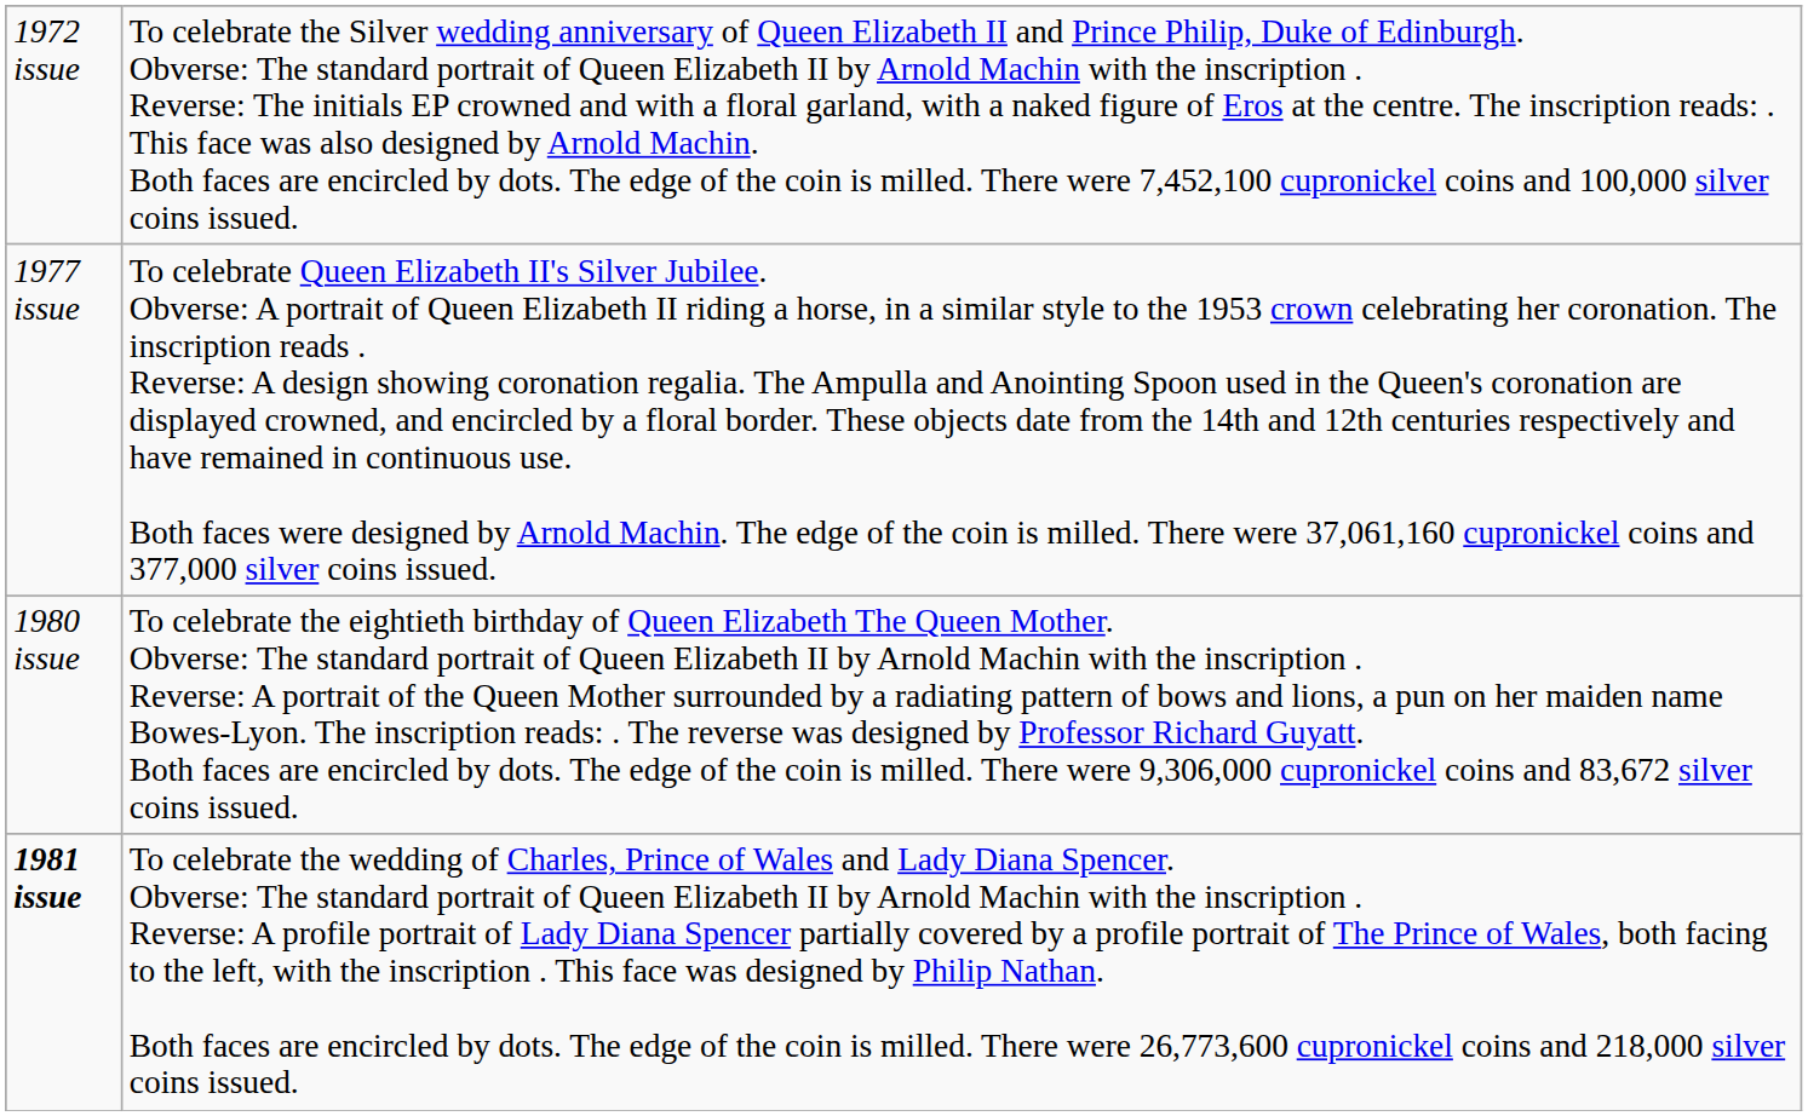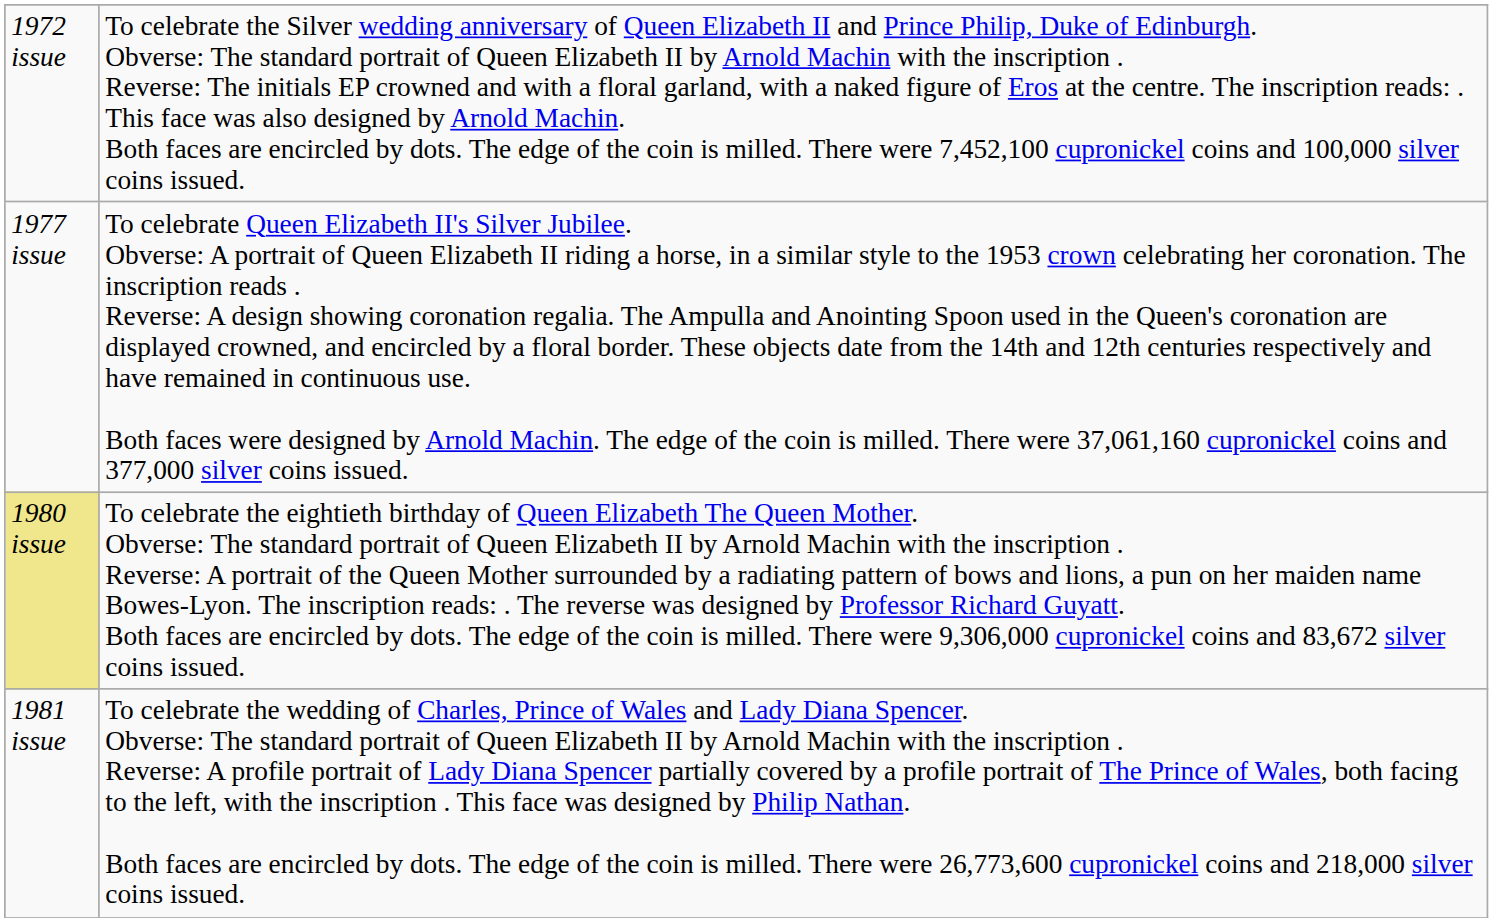 <table class="wikitable">
 <tr valign="top">
 <td><em>1972 issue</em></td>
 <td>To celebrate the Silver <a href='#'>wedding anniversary</a> of <a href='#'>Queen Elizabeth II</a> and <a href='#'>Prince Philip, Duke of Edinburgh</a>.<br>Obverse: The standard portrait of Queen Elizabeth II by <a href='#'>Arnold Machin</a> with the inscription .<br>Reverse: The initials EP crowned and with a floral garland, with a naked figure of <a href='#'>Eros</a> at the centre. The inscription reads:  . This face was also designed by <a href='#'>Arnold Machin</a>.<br>Both faces are encircled by dots. The edge of the coin is milled. There were 7,452,100 <a href='#'>cupronickel</a> coins and 100,000 <a href='#'>silver</a> coins issued.</td>
 </tr>
 <tr valign="top">
 <td><em>1977 issue</em></td>
 <td>To celebrate <a href='#'>Queen Elizabeth II's Silver Jubilee</a>.<br>Obverse: A portrait of Queen Elizabeth II riding a horse, in a similar style to the 1953 <a href='#'>crown</a> celebrating her coronation. The inscription reads .<br>Reverse: A design showing coronation regalia. The Ampulla and Anointing Spoon used in the Queen's coronation are displayed crowned, and encircled by a floral border. These objects date from the 14th and 12th centuries respectively and have remained in continuous use.<br><br>Both faces were designed by <a href='#'>Arnold Machin</a>. The edge of the coin is milled. There were 37,061,160 <a href='#'>cupronickel</a> coins  and 377,000 <a href='#'>silver</a> coins issued.</td>
 </tr>
 <tr valign="top">
-<td><em>1980 issue</em></td>
+<td style="background: khaki;"><em>1980 issue</em></td>
 <td>To celebrate the eightieth birthday of <a href='#'>Queen Elizabeth The Queen Mother</a>.<br>Obverse: The standard portrait of Queen Elizabeth II by Arnold Machin with the inscription .<br>Reverse: A portrait of the Queen Mother surrounded by a radiating pattern of bows and lions, a pun on her maiden name Bowes-Lyon. The inscription reads:  . The reverse was designed by <a href='#'>Professor Richard Guyatt</a>.<br>Both faces are encircled by dots. The edge of the coin is milled. There were 9,306,000 <a href='#'>cupronickel</a> coins and 83,672 <a href='#'>silver</a> coins issued.</td>
 </tr>
 <tr valign="top">
-<td><strong><em>1981 issue</em></strong></td>
+<td><em>1981 issue</em></td>
 <td>To celebrate the wedding of <a href='#'>Charles, Prince of Wales</a> and <a href='#'>Lady Diana Spencer</a>.<br>Obverse: The standard portrait of Queen Elizabeth II by Arnold Machin with the inscription .<br>Reverse: A profile portrait of <a href='#'>Lady Diana Spencer</a> partially covered by a profile portrait of <a href='#'>The Prince of Wales</a>, both facing to the left, with the inscription . This face was designed by <a href='#'>Philip Nathan</a>.<br><br>Both faces are encircled by dots. The edge of the coin is milled. There were 26,773,600 <a href='#'>cupronickel</a> coins  and 218,000 <a href='#'>silver</a> coins issued.</td>
 </tr>
 </table>
